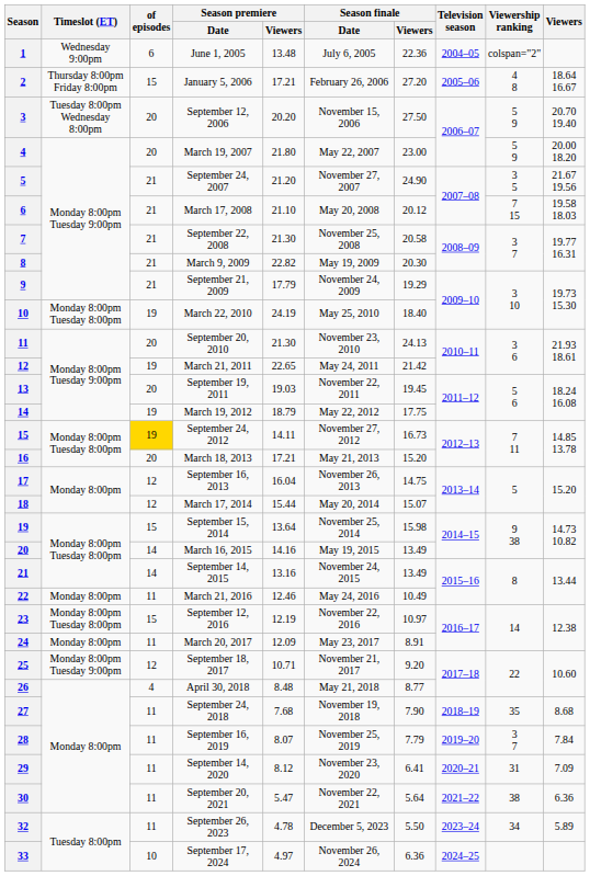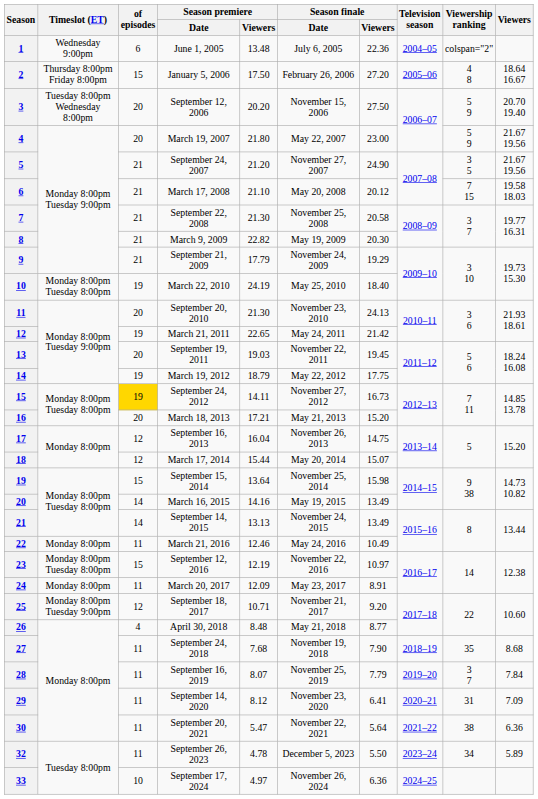 <table class="wikitable unsortable" style="text-align:center;">
 <tr>
 <th scope="col" rowspan="2">Season</th>
 <th rowspan="2" scope="col">Timeslot (<a href='#'>ET</a>)</th>
 <th rowspan="2" scope="col"> of<br>episodes</th>
 <th scope="col" colspan="2">Season premiere</th>
 <th scope="col" colspan="2">Season finale</th>
 <th scope="col" rowspan="2">Television<br>season</th>
 <th scope="col" rowspan="2">Viewership<br>ranking</th>
 <th scope="col" rowspan="2">Viewers<br></th>
 </tr>
 <tr>
 <th>Date</th>
 <th>Viewers<br></th>
 <th>Date</th>
 <th>Viewers<br></th>
 </tr>
 <tr>
 <th scope="row"><a href='#'>1</a></th>
 <td>Wednesday 9:00pm</td>
 <td>6</td>
 <td>June 1, 2005</td>
 <td>13.48</td>
 <td>July 6, 2005</td>
 <td>22.36</td>
 <td style="text-align:center"><a href='#'>2004–05</a></td>
 <td>colspan="2" </td>
 </tr>
 <tr>
 <th scope="row"><a href='#'>2</a></th>
 <td>Thursday 8:00pm<br>Friday 8:00pm</td>
 <td>15</td>
 <td>January 5, 2006</td>
-<td>17.21</td>
+<td>17.50</td>
 <td>February 26, 2006</td>
 <td>27.20</td>
 <td><a href='#'>2005–06</a></td>
 <td>4<br>8</td>
 <td>18.64<br>16.67</td>
 </tr>
 <tr>
 <th scope="row"><a href='#'>3</a></th>
 <td>Tuesday 8:00pm<br>Wednesday 8:00pm</td>
 <td>20</td>
 <td>September 12, 2006</td>
 <td>20.20</td>
 <td>November 15, 2006</td>
 <td>27.50</td>
 <td rowspan="2"><a href='#'>2006–07</a></td>
 <td>5<br>9</td>
 <td>20.70<br>19.40</td>
 </tr>
 <tr>
 <th scope="row"><a href='#'>4</a></th>
 <td rowspan="6">Monday 8:00pm<br>Tuesday 9:00pm</td>
 <td>20</td>
 <td>March 19, 2007</td>
 <td>21.80</td>
 <td>May 22, 2007</td>
 <td>23.00</td>
 <td>5<br>9</td>
-<td>20.00<br>18.20</td>
+<td>21.67<br>19.56</td>
 </tr>
 <tr>
 <th scope="row"><a href='#'>5</a></th>
 <td>21</td>
 <td>September 24, 2007</td>
 <td>21.20</td>
 <td>November 27, 2007</td>
 <td>24.90</td>
 <td rowspan="2"><a href='#'>2007–08</a></td>
 <td>3<br>5</td>
 <td>21.67<br>19.56</td>
 </tr>
 <tr>
 <th scope="row"><a href='#'>6</a></th>
 <td>21</td>
 <td>March 17, 2008</td>
 <td>21.10</td>
 <td>May 20, 2008</td>
 <td>20.12</td>
 <td>7<br>15</td>
 <td>19.58<br>18.03</td>
 </tr>
 <tr>
 <th scope="row"><a href='#'>7</a></th>
 <td>21</td>
 <td>September 22, 2008</td>
 <td>21.30</td>
 <td>November 25, 2008</td>
 <td>20.58</td>
 <td rowspan="2"><a href='#'>2008–09</a></td>
 <td rowspan="2">3<br>7</td>
 <td rowspan="2">19.77<br>16.31</td>
 </tr>
 <tr>
 <th scope="row"><a href='#'>8</a></th>
 <td>21</td>
 <td>March 9, 2009</td>
 <td>22.82</td>
 <td>May 19, 2009</td>
 <td>20.30</td>
 </tr>
 <tr>
 <th scope="row"><a href='#'>9</a></th>
 <td>21</td>
 <td>September 21, 2009</td>
 <td>17.79</td>
 <td>November 24, 2009</td>
 <td>19.29</td>
 <td rowspan="2"><a href='#'>2009–10</a></td>
 <td rowspan="2">3<br>10</td>
 <td rowspan="2">19.73<br>15.30</td>
 </tr>
 <tr>
 <th scope="row"><a href='#'>10</a></th>
 <td>Monday 8:00pm<br>Tuesday 8:00pm</td>
 <td>19</td>
 <td>March 22, 2010</td>
 <td>24.19</td>
 <td>May 25, 2010</td>
 <td>18.40</td>
 </tr>
 <tr>
 <th scope="row"><a href='#'>11</a></th>
 <td rowspan="4">Monday 8:00pm<br>Tuesday 9:00pm</td>
 <td>20</td>
 <td>September 20, 2010</td>
 <td>21.30</td>
 <td>November 23, 2010</td>
 <td>24.13</td>
 <td rowspan="2"><a href='#'>2010–11</a></td>
 <td rowspan="2">3<br>6</td>
 <td rowspan="2">21.93<br>18.61</td>
 </tr>
 <tr>
 <th scope="row"><a href='#'>12</a></th>
 <td>19</td>
 <td>March 21, 2011</td>
 <td>22.65</td>
 <td>May 24, 2011</td>
 <td>21.42</td>
 </tr>
 <tr>
 <th scope="row"><a href='#'>13</a></th>
 <td>20</td>
 <td>September 19, 2011</td>
 <td>19.03</td>
 <td>November 22, 2011</td>
 <td>19.45</td>
 <td rowspan="2"><a href='#'>2011–12</a></td>
 <td rowspan="2">5<br>6</td>
 <td rowspan="2">18.24<br>16.08</td>
 </tr>
 <tr>
 <th scope="row"><a href='#'>14</a></th>
 <td>19</td>
 <td>March 19, 2012</td>
 <td>18.79</td>
 <td>May 22, 2012</td>
 <td>17.75</td>
 </tr>
 <tr>
 <th scope="row"><a href='#'>15</a></th>
 <td rowspan="2">Monday 8:00pm<br>Tuesday 8:00pm</td>
 <td style="background: gold;">19</td>
 <td>September 24, 2012</td>
 <td>14.11</td>
 <td>November 27, 2012</td>
 <td>16.73</td>
 <td rowspan="2"><a href='#'>2012–13</a></td>
 <td rowspan="2">7<br>11</td>
 <td rowspan="2">14.85<br>13.78</td>
 </tr>
 <tr>
 <th scope="row"><a href='#'>16</a></th>
 <td>20</td>
 <td>March 18, 2013</td>
 <td>17.21</td>
 <td>May 21, 2013</td>
 <td>15.20</td>
 </tr>
 <tr>
 <th scope="row"><a href='#'>17</a></th>
 <td rowspan="2">Monday 8:00pm</td>
 <td>12</td>
 <td>September 16, 2013</td>
 <td>16.04</td>
 <td>November 26, 2013</td>
 <td>14.75</td>
 <td rowspan="2"><a href='#'>2013–14</a></td>
 <td rowspan="2">5</td>
 <td rowspan="2">15.20</td>
 </tr>
 <tr>
 <th scope="row"><a href='#'>18</a></th>
 <td>12</td>
 <td>March 17, 2014</td>
 <td>15.44</td>
 <td>May 20, 2014</td>
 <td>15.07</td>
 </tr>
 <tr>
 <th scope="row"><a href='#'>19</a></th>
 <td rowspan="3">Monday 8:00pm<br>Tuesday 8:00pm</td>
 <td>15</td>
 <td>September 15, 2014</td>
 <td>13.64</td>
 <td>November 25, 2014</td>
 <td>15.98</td>
 <td rowspan="2"><a href='#'>2014–15</a></td>
 <td rowspan="2">9<br>38</td>
 <td rowspan="2">14.73<br>10.82</td>
 </tr>
 <tr>
 <th scope="row"><a href='#'>20</a></th>
 <td>14</td>
 <td>March 16, 2015</td>
 <td>14.16</td>
 <td>May 19, 2015</td>
 <td>13.49</td>
 </tr>
 <tr>
 <th scope="row"><a href='#'>21</a></th>
 <td style="text-align:center">14</td>
 <td>September 14, 2015</td>
-<td>13.16</td>
+<td>13.13</td>
 <td>November 24, 2015</td>
 <td>13.49</td>
 <td rowspan="2"><a href='#'>2015–16</a></td>
 <td rowspan="2">8</td>
 <td rowspan="2">13.44</td>
 </tr>
 <tr>
 <th scope="row"><a href='#'>22</a></th>
 <td>Monday 8:00pm</td>
 <td>11</td>
 <td>March 21, 2016</td>
 <td>12.46</td>
 <td>May 24, 2016</td>
 <td>10.49</td>
 </tr>
 <tr>
 <th scope="row"><a href='#'>23</a></th>
 <td>Monday 8:00pm<br>Tuesday 8:00pm</td>
 <td>15</td>
 <td>September 12, 2016</td>
 <td>12.19</td>
 <td>November 22, 2016</td>
 <td>10.97</td>
 <td rowspan="2"><a href='#'>2016–17</a></td>
 <td rowspan="2">14</td>
 <td rowspan="2">12.38</td>
 </tr>
 <tr>
 <th scope="row"><a href='#'>24</a></th>
 <td>Monday 8:00pm</td>
 <td>11</td>
 <td>March 20, 2017</td>
 <td>12.09</td>
 <td>May 23, 2017</td>
 <td>8.91</td>
 </tr>
 <tr>
 <th scope="row"><a href='#'>25</a></th>
 <td>Monday 8:00pm<br>Tuesday 9:00pm</td>
 <td>12</td>
 <td>September 18, 2017</td>
 <td>10.71</td>
 <td>November 21, 2017</td>
 <td>9.20</td>
 <td rowspan="2"><a href='#'>2017–18</a></td>
 <td rowspan="2">22</td>
 <td rowspan="2">10.60</td>
 </tr>
 <tr>
 <th scope="row" scope="row"><a href='#'>26</a></th>
 <td rowspan="5">Monday 8:00pm</td>
 <td>4</td>
 <td>April 30, 2018</td>
 <td>8.48</td>
 <td>May 21, 2018</td>
 <td>8.77</td>
 </tr>
 <tr>
 <th scope="row"><a href='#'>27</a></th>
 <td>11</td>
 <td>September 24, 2018</td>
 <td>7.68</td>
 <td>November 19, 2018</td>
 <td>7.90</td>
 <td><a href='#'>2018–19</a></td>
 <td>35</td>
 <td>8.68</td>
 </tr>
 <tr>
 <th scope="row"><a href='#'>28</a></th>
 <td>11</td>
 <td>September 16, 2019</td>
 <td>8.07</td>
 <td>November 25, 2019</td>
 <td>7.79</td>
 <td><a href='#'>2019–20</a></td>
 <td>3<br>7</td>
 <td>7.84</td>
 </tr>
 <tr>
 <th scope="row"><a href='#'>29</a></th>
 <td>11</td>
 <td>September 14, 2020</td>
 <td>8.12</td>
 <td>November 23, 2020</td>
 <td>6.41</td>
 <td><a href='#'>2020–21</a></td>
 <td>31</td>
 <td>7.09</td>
 </tr>
 <tr>
 <th scope="row"><a href='#'>30</a></th>
 <td>11</td>
 <td>September 20, 2021</td>
 <td>5.47</td>
 <td>November 22, 2021</td>
 <td>5.64</td>
 <td><a href='#'>2021–22</a></td>
 <td>38</td>
 <td>6.36</td>
 </tr>
 <tr>
 <th scope="row"><a href='#'>32</a></th>
 <td rowspan="2">Tuesday 8:00pm</td>
 <td>11</td>
 <td>September 26, 2023</td>
 <td>4.78</td>
 <td>December 5, 2023</td>
 <td>5.50</td>
 <td><a href='#'>2023–24</a></td>
 <td>34</td>
 <td>5.89</td>
 </tr>
 <tr>
 <th scope="row"><a href='#'>33</a></th>
 <td>10</td>
 <td>September 17, 2024</td>
 <td>4.97</td>
 <td>November 26, 2024</td>
 <td>6.36</td>
 <td><a href='#'>2024–25</a></td>
 <td></td>
 <td></td>
 </tr>
 </table>
